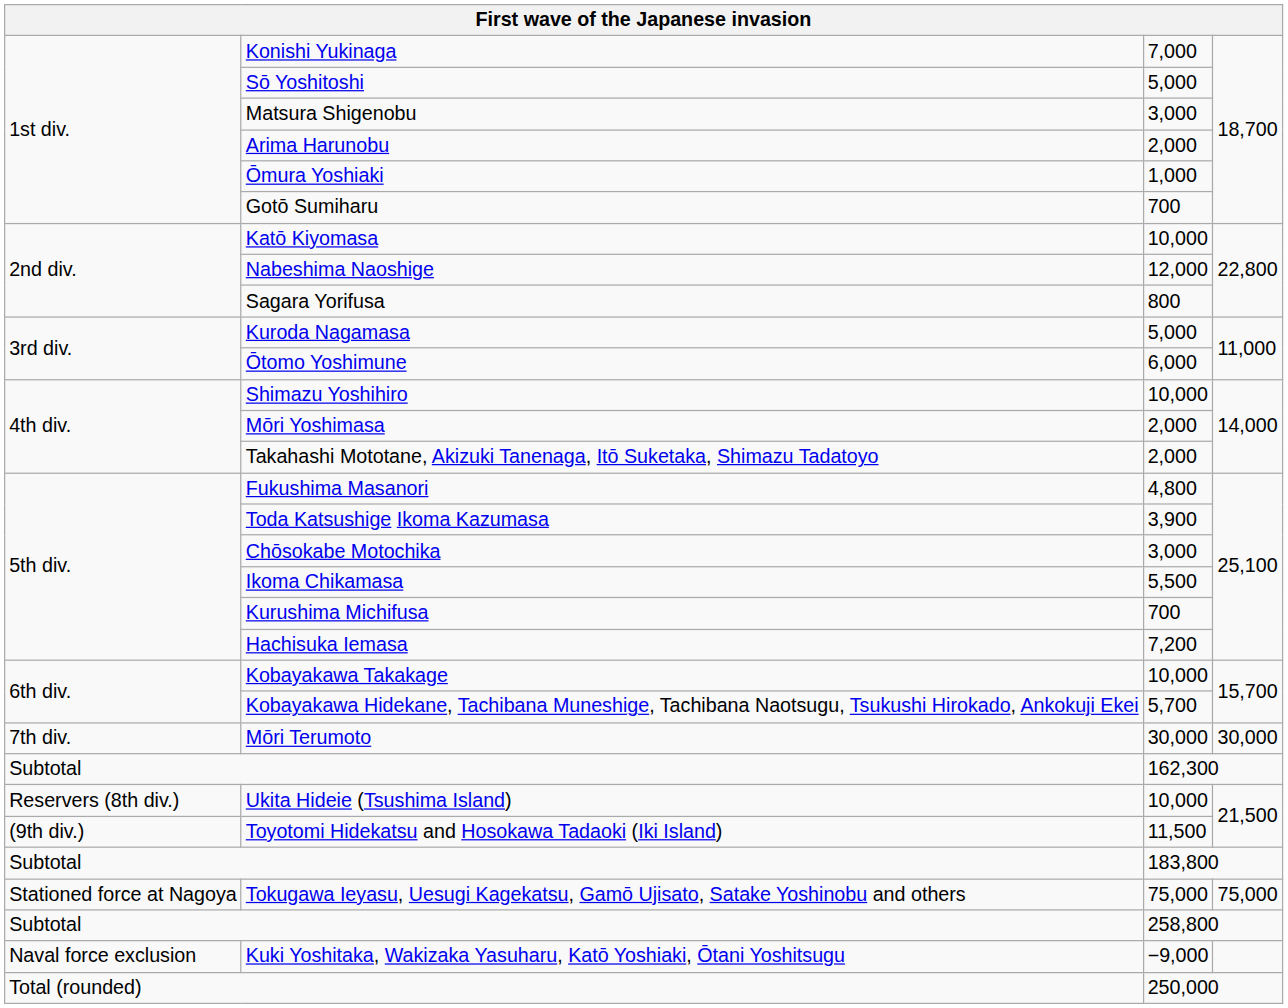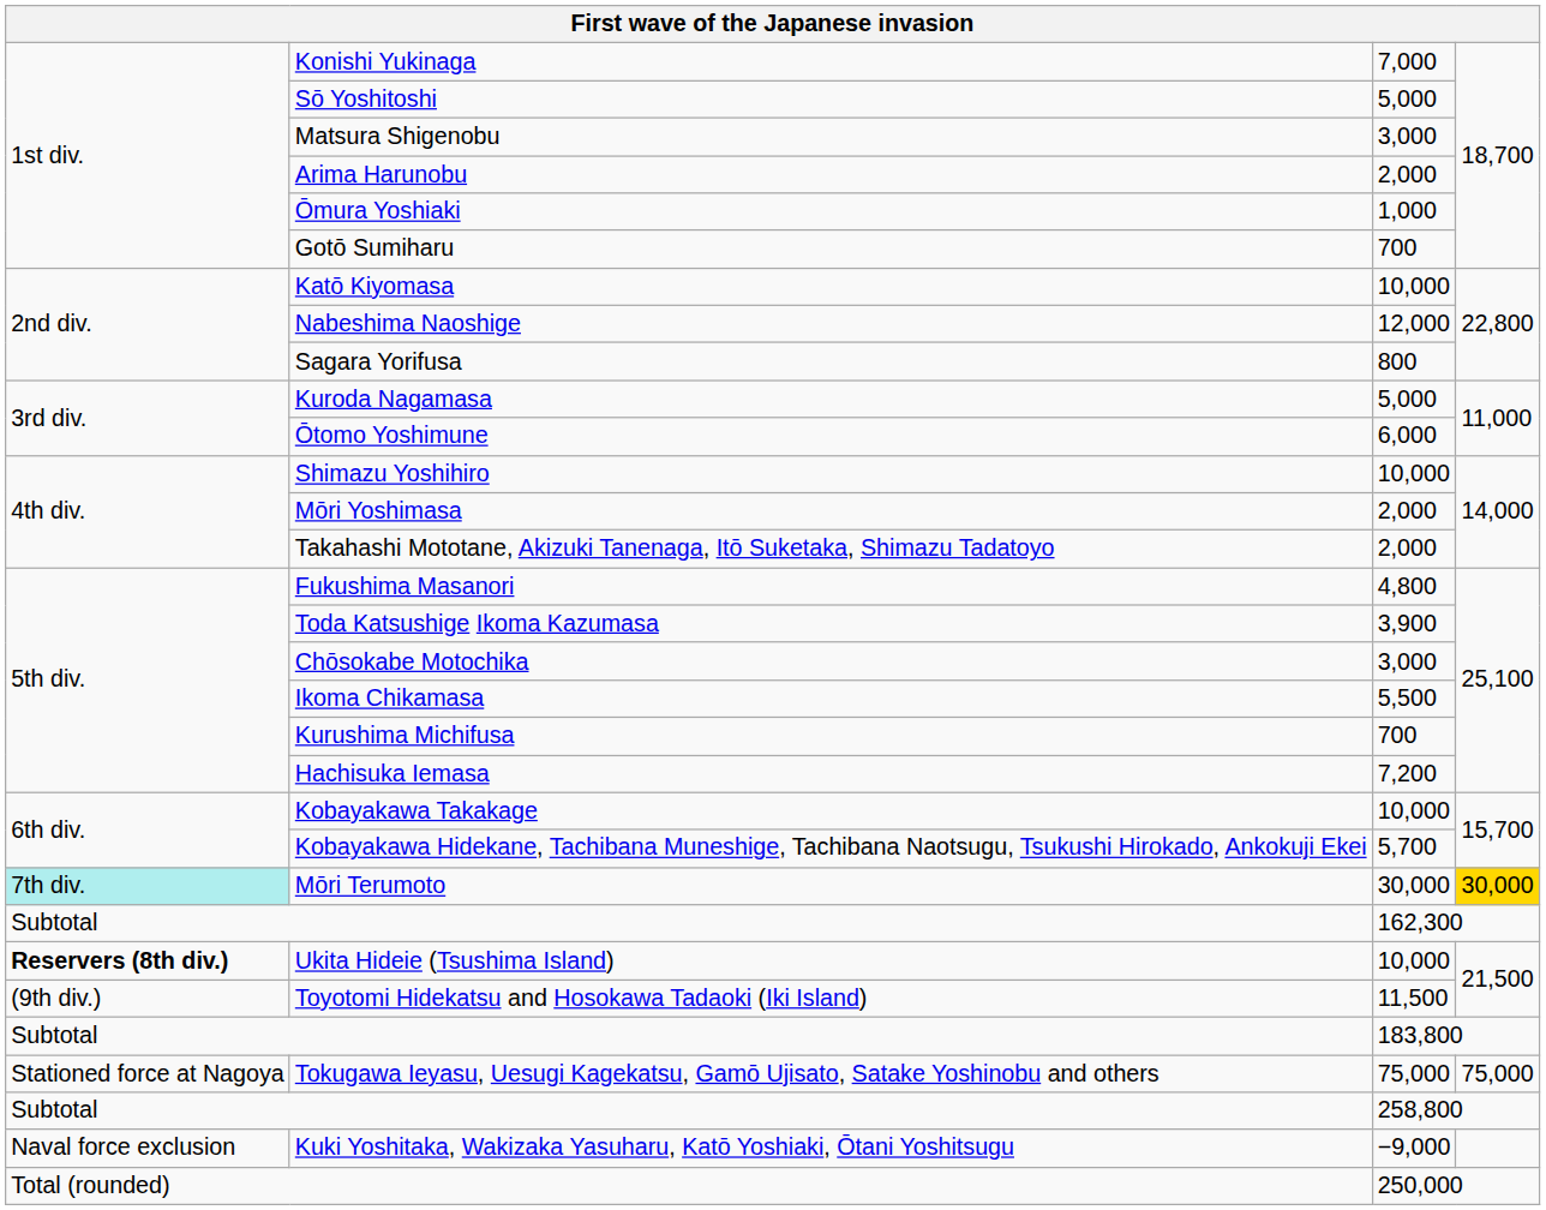 <table class="wikitable">
 <tr>
 <th colspan=4>First wave of the Japanese invasion</th>
 </tr>
 <tr>
 <td rowspan=6>1st div.</td>
 <td><a href='#'>Konishi Yukinaga</a></td>
 <td>7,000</td>
 <td rowspan=6>18,700</td>
 </tr>
 <tr>
 <td><a href='#'>Sō Yoshitoshi</a></td>
 <td>5,000</td>
 </tr>
 <tr>
 <td>Matsura Shigenobu</td>
 <td>3,000</td>
 </tr>
 <tr>
 <td><a href='#'>Arima Harunobu</a></td>
 <td>2,000</td>
 </tr>
 <tr>
 <td><a href='#'>Ōmura Yoshiaki</a></td>
 <td>1,000</td>
 </tr>
 <tr>
 <td>Gotō Sumiharu</td>
 <td>700</td>
 </tr>
 <tr>
 <td rowspan=3>2nd div.</td>
 <td><a href='#'>Katō Kiyomasa</a></td>
 <td>10,000</td>
 <td rowspan=3>22,800</td>
 </tr>
 <tr>
 <td><a href='#'>Nabeshima Naoshige</a></td>
 <td>12,000</td>
 </tr>
 <tr>
 <td>Sagara Yorifusa</td>
 <td>800</td>
 </tr>
 <tr>
 <td rowspan=2>3rd div.</td>
 <td><a href='#'>Kuroda Nagamasa</a></td>
 <td>5,000</td>
 <td rowspan=2>11,000</td>
 </tr>
 <tr>
 <td><a href='#'>Ōtomo Yoshimune</a></td>
 <td>6,000</td>
 </tr>
 <tr>
 <td rowspan=3>4th div.</td>
 <td><a href='#'>Shimazu Yoshihiro</a></td>
 <td>10,000</td>
 <td rowspan=3>14,000</td>
 </tr>
 <tr>
 <td><a href='#'>Mōri Yoshimasa</a></td>
 <td>2,000</td>
 </tr>
 <tr>
 <td>Takahashi Mototane, <a href='#'>Akizuki Tanenaga</a>, <a href='#'>Itō Suketaka</a>, <a href='#'>Shimazu Tadatoyo</a></td>
 <td>2,000</td>
 </tr>
 <tr>
 <td rowspan=6>5th div.</td>
 <td><a href='#'>Fukushima Masanori</a></td>
 <td>4,800</td>
 <td rowspan=6>25,100</td>
 </tr>
 <tr>
 <td><a href='#'>Toda Katsushige</a> <a href='#'>Ikoma Kazumasa</a></td>
 <td>3,900</td>
 </tr>
 <tr>
 <td><a href='#'>Chōsokabe Motochika</a></td>
 <td>3,000</td>
 </tr>
 <tr>
 <td><a href='#'>Ikoma Chikamasa</a></td>
 <td>5,500</td>
 </tr>
 <tr>
 <td><a href='#'>Kurushima Michifusa</a></td>
 <td>700</td>
 </tr>
 <tr>
 <td><a href='#'>Hachisuka Iemasa</a></td>
 <td>7,200</td>
 </tr>
 <tr>
 <td rowspan=2>6th div.</td>
 <td><a href='#'>Kobayakawa Takakage</a></td>
 <td>10,000</td>
 <td rowspan=2>15,700</td>
 </tr>
 <tr>
 <td><a href='#'>Kobayakawa Hidekane</a>, <a href='#'>Tachibana Muneshige</a>, Tachibana Naotsugu, <a href='#'>Tsukushi Hirokado</a>, <a href='#'>Ankokuji Ekei</a></td>
 <td>5,700</td>
 </tr>
 <tr>
-<td>7th div.</td>
+<td style="background: paleturquoise;">7th div.</td>
 <td><a href='#'>Mōri Terumoto</a></td>
 <td>30,000</td>
-<td>30,000</td>
+<td style="background: gold;">30,000</td>
 </tr>
 <tr>
 <td colspan=2>Subtotal</td>
 <td colspan=2>162,300</td>
 </tr>
 <tr>
-<td>Reservers (8th div.)</td>
+<td><strong>Reservers (8th div.)</strong></td>
 <td><a href='#'>Ukita Hideie</a> (<a href='#'>Tsushima Island</a>)</td>
 <td>10,000</td>
 <td rowspan=2>21,500</td>
 </tr>
 <tr>
 <td>(9th div.)</td>
 <td><a href='#'>Toyotomi Hidekatsu</a> and <a href='#'>Hosokawa Tadaoki</a> (<a href='#'>Iki Island</a>)</td>
 <td>11,500</td>
 </tr>
 <tr>
 <td colspan=2>Subtotal</td>
 <td colspan=2>183,800</td>
 </tr>
 <tr>
 <td>Stationed force at Nagoya</td>
 <td><a href='#'>Tokugawa Ieyasu</a>, <a href='#'>Uesugi Kagekatsu</a>, <a href='#'>Gamō Ujisato</a>, <a href='#'>Satake Yoshinobu</a> and others</td>
 <td>75,000</td>
 <td>75,000</td>
 </tr>
 <tr>
 <td colspan=2>Subtotal</td>
 <td colspan=2>258,800</td>
 </tr>
 <tr>
 <td>Naval force exclusion</td>
 <td><a href='#'>Kuki Yoshitaka</a>, <a href='#'>Wakizaka Yasuharu</a>, <a href='#'>Katō Yoshiaki</a>, <a href='#'>Ōtani Yoshitsugu</a></td>
 <td>−9,000</td>
 <td></td>
 </tr>
 <tr>
 <td colspan=2>Total (rounded)</td>
 <td colspan=2>250,000</td>
 </tr>
 </table>
